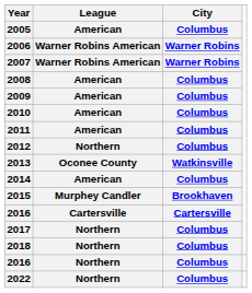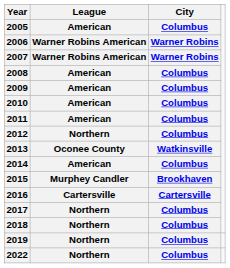 <table class="wikitable">
 <tr>
 <th>Year</th>
 <th>League</th>
 <th>City</th>
 </tr>
 <tr>
 <th>2005</th>
 <th>American</th>
 <th><a href='#'>Columbus</a></th>
 </tr>
 <tr>
 <th>2006</th>
 <th>Warner Robins American</th>
 <th><a href='#'>Warner Robins</a></th>
 </tr>
 <tr>
 <th>2007</th>
 <th>Warner Robins American</th>
 <th><a href='#'>Warner Robins</a></th>
 </tr>
 <tr>
 <th>2008</th>
 <th>American</th>
 <th><a href='#'>Columbus</a></th>
 </tr>
 <tr>
 <th>2009</th>
 <th>American</th>
 <th><a href='#'>Columbus</a></th>
 </tr>
 <tr>
 <th>2010</th>
 <th>American</th>
 <th><a href='#'>Columbus</a></th>
 </tr>
 <tr>
 <th>2011</th>
 <th>American</th>
 <th><a href='#'>Columbus</a></th>
 </tr>
 <tr>
 <th>2012</th>
 <th>Northern</th>
 <th><a href='#'>Columbus</a></th>
 </tr>
 <tr>
 <th>2013</th>
 <th>Oconee County</th>
 <th><a href='#'>Watkinsville</a></th>
 </tr>
 <tr>
 <th>2014</th>
 <th>American</th>
 <th><a href='#'>Columbus</a></th>
 </tr>
 <tr>
 <th>2015</th>
 <th>Murphey Candler</th>
 <th><a href='#'>Brookhaven</a></th>
 </tr>
 <tr>
 <th>2016</th>
 <th>Cartersville</th>
 <th><a href='#'>Cartersville</a></th>
 </tr>
 <tr>
 <th>2017</th>
 <th>Northern</th>
 <th><a href='#'>Columbus</a></th>
 </tr>
 <tr>
 <th>2018</th>
 <th>Northern</th>
 <th><a href='#'>Columbus</a></th>
 </tr>
 <tr>
-<th>2016</th>
+<th>2019</th>
 <th>Northern</th>
 <th><a href='#'>Columbus</a></th>
 <td></td>
 </tr>
 <tr>
 <th>2022</th>
 <th>Northern</th>
 <th><a href='#'>Columbus</a></th>
 </tr>
 </table>
